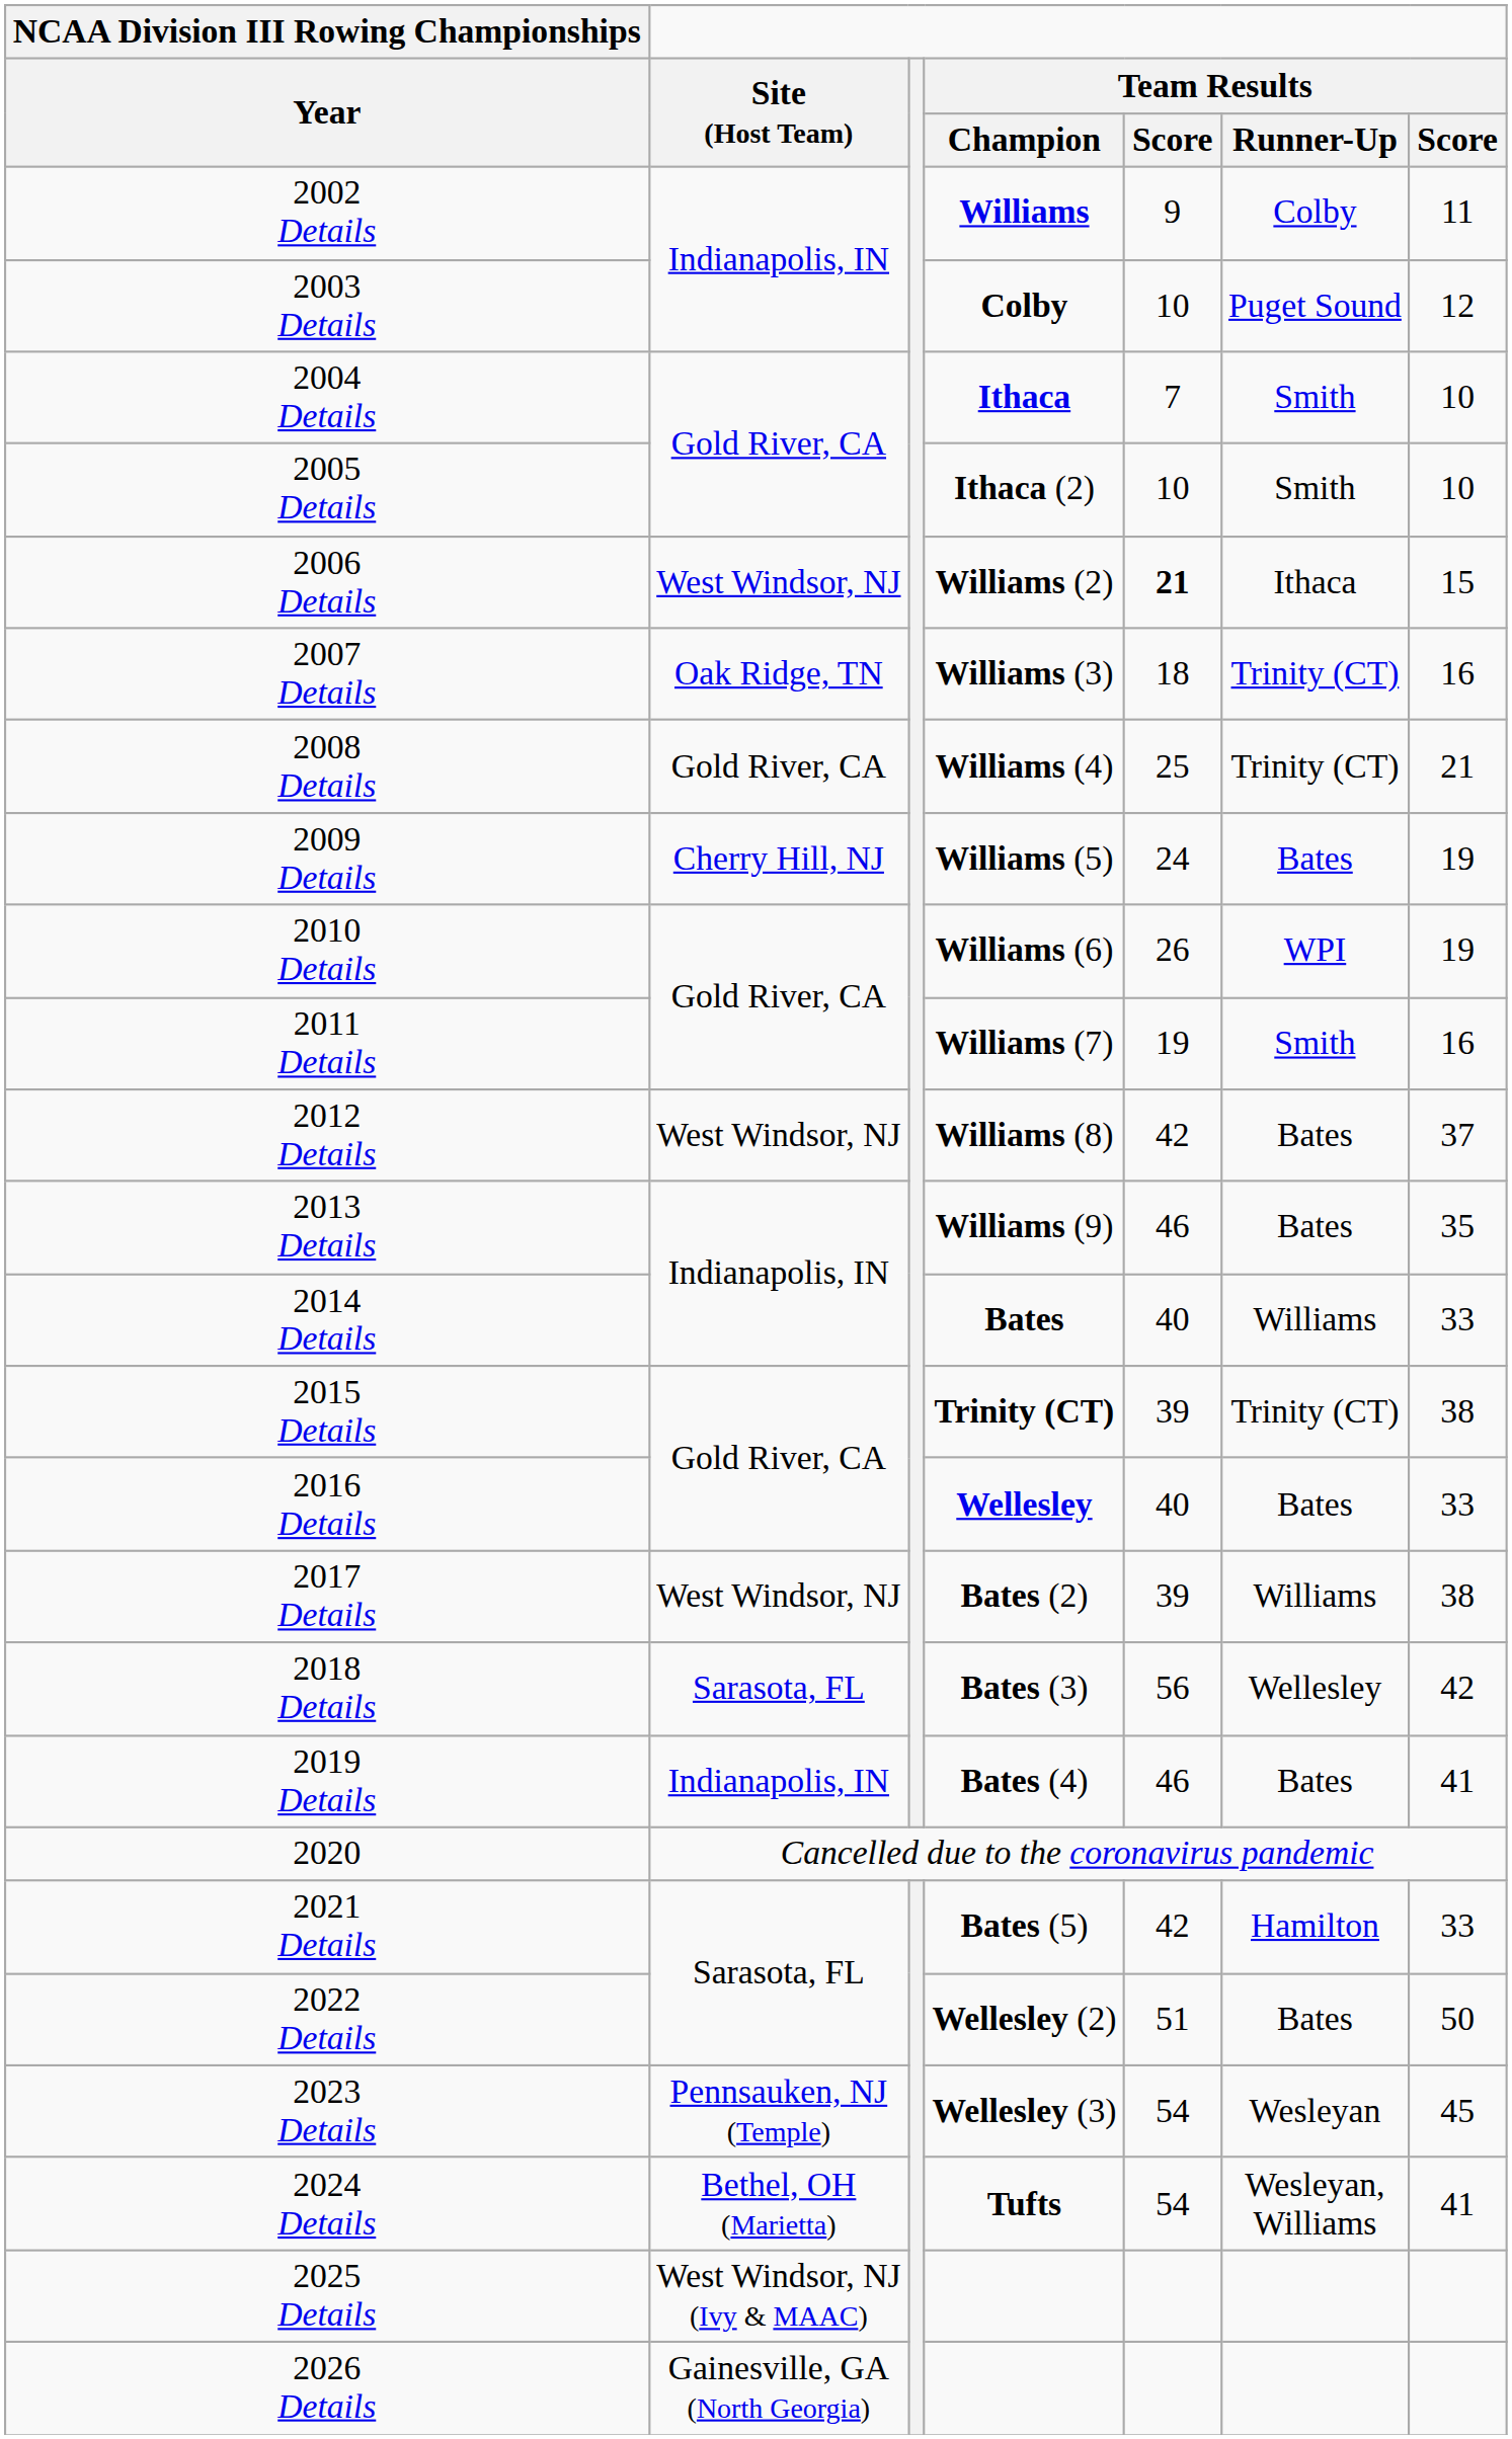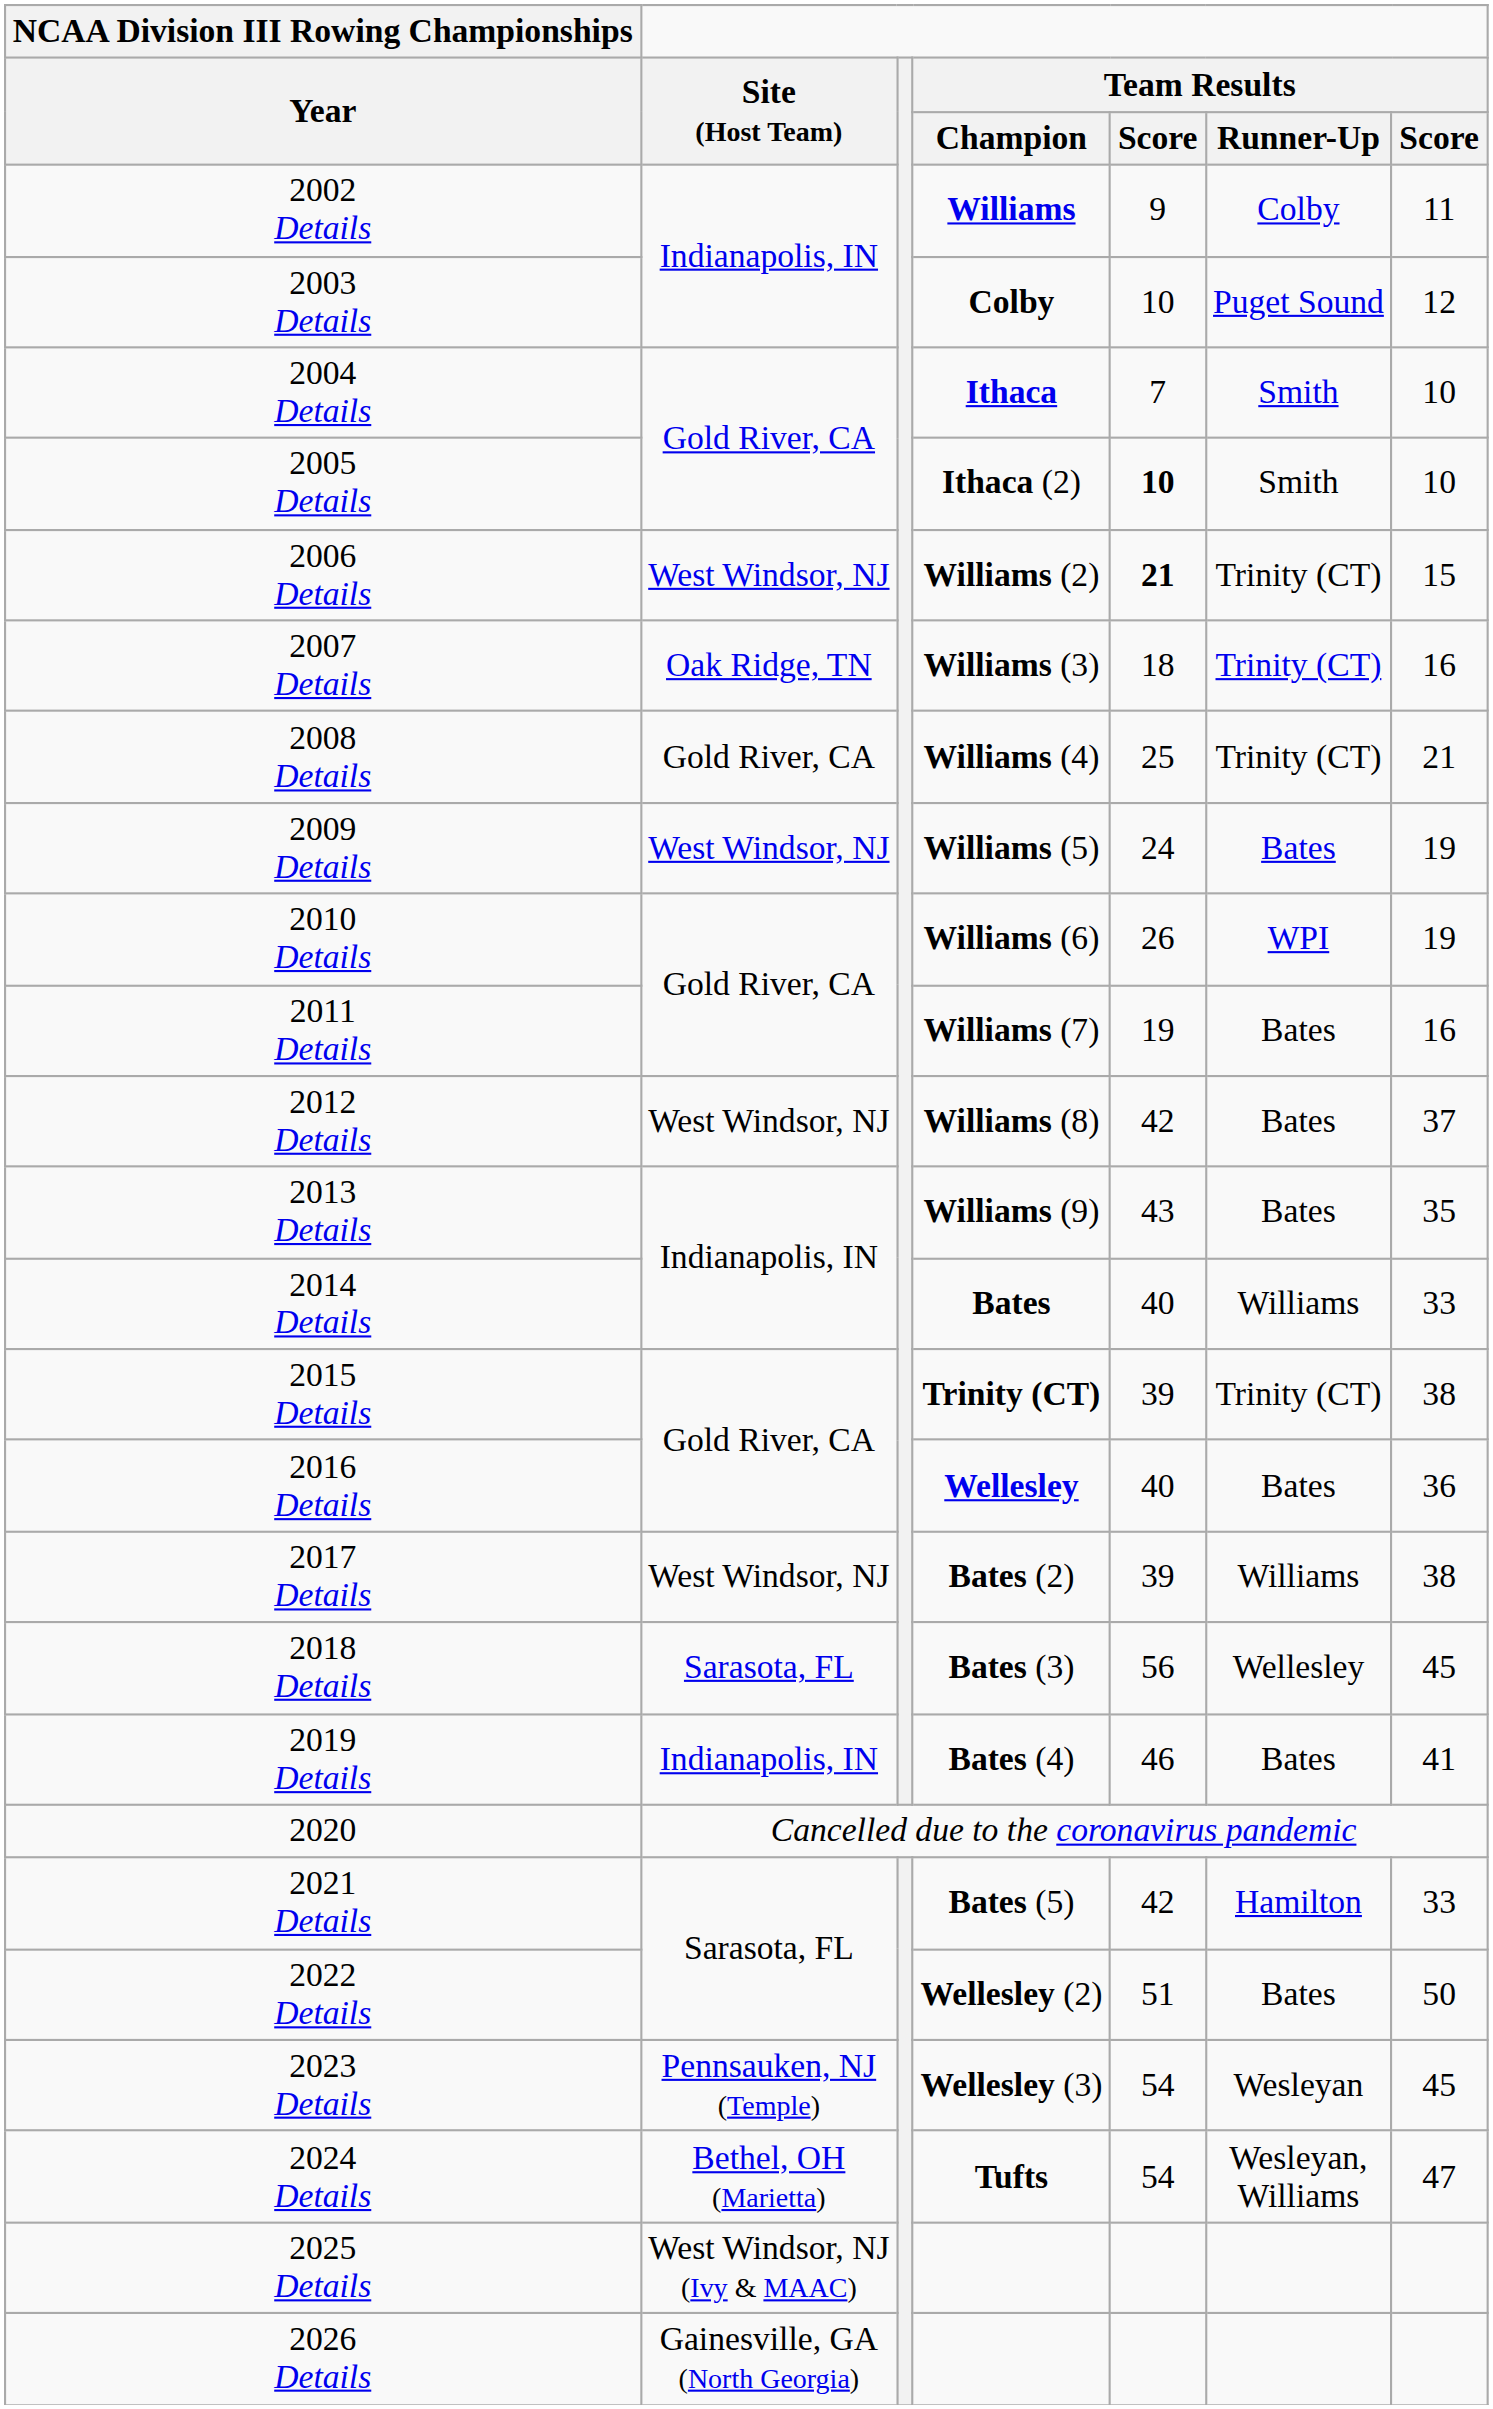 <table class="wikitable" style="text-align:center">
 <tr>
 <th style=>NCAA Division III Rowing Championships</th>
 </tr>
 <tr>
 <th rowspan="2">Year</th>
 <th rowspan="2">Site<br><small>(Host Team)</small></th>
 <th rowspan="20"></th>
 <th colspan=4>Team Results</th>
 </tr>
 <tr>
 <th>Champion</th>
 <th>Score</th>
 <th>Runner-Up</th>
 <th>Score</th>
 </tr>
 <tr>
 <td>2002 <br> <em><a href='#'>Details</a></em></td>
 <td rowspan="2"><a href='#'>Indianapolis, IN</a></td>
 <td><strong><a href='#'>Williams</a></strong></td>
 <td align=center>9</td>
 <td><a href='#'>Colby</a></td>
 <td align=center>11</td>
 </tr>
 <tr>
 <td>2003 <br> <em><a href='#'>Details</a></em></td>
 <td><strong>Colby</strong></td>
 <td align=center>10</td>
 <td><a href='#'>Puget Sound</a></td>
 <td align=center>12</td>
 </tr>
 <tr>
 <td>2004 <br> <em><a href='#'>Details</a></em></td>
 <td rowspan="2"><a href='#'>Gold River, CA</a></td>
 <td><strong><a href='#'>Ithaca</a></strong></td>
 <td align=center>7</td>
 <td><a href='#'>Smith</a></td>
 <td align=center>10</td>
 </tr>
 <tr>
 <td>2005 <br> <em><a href='#'>Details</a></em></td>
 <td><strong>Ithaca</strong> (2)</td>
-<td align=center>10</td>
+<td align=center><strong>10</strong></td>
 <td>Smith</td>
 <td align=center>10</td>
 </tr>
 <tr>
 <td>2006 <br> <em><a href='#'>Details</a></em></td>
 <td><a href='#'>West Windsor, NJ</a></td>
 <td><strong>Williams</strong> (2)</td>
 <td align=center><strong>21</strong></td>
-<td>Ithaca</td>
+<td>Trinity (CT)</td>
 <td align=center>15</td>
 </tr>
 <tr>
 <td>2007 <br> <em><a href='#'>Details</a></em></td>
 <td><a href='#'>Oak Ridge, TN</a></td>
 <td><strong>Williams</strong> (3)</td>
 <td align=center>18</td>
 <td><a href='#'>Trinity (CT)</a></td>
 <td align=center>16</td>
 </tr>
 <tr>
 <td>2008 <br> <em><a href='#'>Details</a></em></td>
 <td>Gold River, CA</td>
 <td><strong>Williams</strong> (4)</td>
 <td align=center>25</td>
 <td>Trinity (CT)</td>
 <td align=center>21</td>
 </tr>
 <tr>
 <td>2009 <br> <em><a href='#'>Details</a></em></td>
-<td><a href='#'>Cherry Hill, NJ</a></td>
+<td><a href='#'>West Windsor, NJ</a></td>
 <td><strong>Williams</strong> (5)</td>
 <td align=center>24</td>
 <td><a href='#'>Bates</a></td>
 <td align=center>19</td>
 </tr>
 <tr>
 <td>2010 <br> <em><a href='#'>Details</a></em></td>
 <td rowspan="2}">Gold River, CA</td>
 <td><strong>Williams</strong> (6)</td>
 <td align=center>26</td>
 <td><a href='#'>WPI</a></td>
 <td align=center>19</td>
 </tr>
 <tr>
 <td>2011 <br> <em><a href='#'>Details</a></em></td>
 <td><strong>Williams</strong> (7)</td>
 <td align=center>19</td>
-<td><a href='#'>Smith</a></td>
+<td>Bates</td>
 <td align=center>16</td>
 </tr>
 <tr>
 <td>2012 <br> <em><a href='#'>Details</a></em></td>
 <td>West Windsor, NJ</td>
 <td><strong>Williams</strong> (8)</td>
 <td align=center>42</td>
 <td>Bates</td>
 <td align=center>37</td>
 </tr>
 <tr>
 <td>2013 <br> <em><a href='#'>Details</a></em></td>
 <td rowspan="2">Indianapolis, IN</td>
 <td><strong>Williams</strong> (9)</td>
-<td align=center>46</td>
+<td align=center>43</td>
 <td>Bates</td>
 <td align=center>35</td>
 </tr>
 <tr>
 <td>2014 <br> <em><a href='#'>Details</a></em></td>
 <td><strong>Bates</strong></td>
 <td align=center>40</td>
 <td>Williams</td>
 <td align=center>33</td>
 </tr>
 <tr>
 <td>2015 <br> <em><a href='#'>Details</a></em></td>
 <td rowspan="2">Gold River, CA</td>
 <td><strong>Trinity (CT)</strong></td>
 <td align=center>39</td>
 <td>Trinity (CT)</td>
 <td align=center>38</td>
 </tr>
 <tr>
 <td>2016 <br> <em><a href='#'>Details</a></em></td>
 <td><strong><a href='#'>Wellesley</a></strong></td>
 <td align=center>40</td>
 <td>Bates</td>
-<td align=center>33</td>
+<td align=center>36</td>
 </tr>
 <tr>
 <td>2017 <br> <em><a href='#'>Details</a></em></td>
 <td>West Windsor, NJ</td>
 <td><strong>Bates</strong> (2)</td>
 <td align=center>39</td>
 <td>Williams</td>
 <td align=center>38</td>
 </tr>
 <tr>
 <td>2018 <br> <em><a href='#'>Details</a></em></td>
 <td><a href='#'>Sarasota, FL</a></td>
 <td><strong>Bates</strong> (3)</td>
 <td align=center>56</td>
 <td>Wellesley</td>
-<td align=center>42</td>
+<td align=center>45</td>
 </tr>
 <tr>
 <td>2019 <br> <em><a href='#'>Details</a></em></td>
 <td><a href='#'>Indianapolis, IN</a></td>
 <td><strong>Bates</strong> (4)</td>
 <td align=center>46</td>
 <td>Bates</td>
 <td align=center>41</td>
 </tr>
 <tr>
 <td>2020</td>
 <td colspan=10 align=center><em>Cancelled due to the <a href='#'>coronavirus pandemic</a></em></td>
 </tr>
 <tr>
 <td>2021 <br> <em><a href='#'>Details</a></em></td>
 <td rowspan=2>Sarasota, FL</td>
 <th rowspan="6"></th>
 <td><strong>Bates</strong> (5)</td>
 <td>42</td>
 <td><a href='#'>Hamilton</a></td>
 <td>33</td>
 </tr>
 <tr>
 <td>2022 <br> <em><a href='#'>Details</a></em></td>
 <td><strong>Wellesley</strong> (2)</td>
 <td>51</td>
 <td>Bates</td>
 <td>50</td>
 </tr>
 <tr>
 <td>2023 <br> <em><a href='#'>Details</a></em></td>
 <td><a href='#'>Pennsauken, NJ</a><br><small>(<a href='#'>Temple</a>)</small></td>
 <td><strong>Wellesley</strong> (3)</td>
 <td>54</td>
 <td>Wesleyan</td>
 <td>45</td>
 </tr>
 <tr>
 <td>2024 <br> <em><a href='#'>Details</a></em></td>
 <td><a href='#'>Bethel, OH</a><br><small>(<a href='#'>Marietta</a>)</small></td>
 <td><strong>Tufts</strong></td>
 <td>54</td>
 <td>Wesleyan,<br>Williams</td>
-<td>41</td>
+<td>47</td>
 </tr>
 <tr>
 <td>2025 <br> <em><a href='#'>Details</a></em></td>
 <td>West Windsor, NJ<br><small>(<a href='#'>Ivy</a> & <a href='#'>MAAC</a>)</small></td>
 <td></td>
 <td></td>
 <td></td>
 <td></td>
 </tr>
 <tr>
 <td>2026 <br> <em><a href='#'>Details</a></em></td>
 <td>Gainesville, GA<br><small>(<a href='#'>North Georgia</a>)</small></td>
 <td></td>
 <td></td>
 <td></td>
 <td></td>
 </tr>
 </table>
